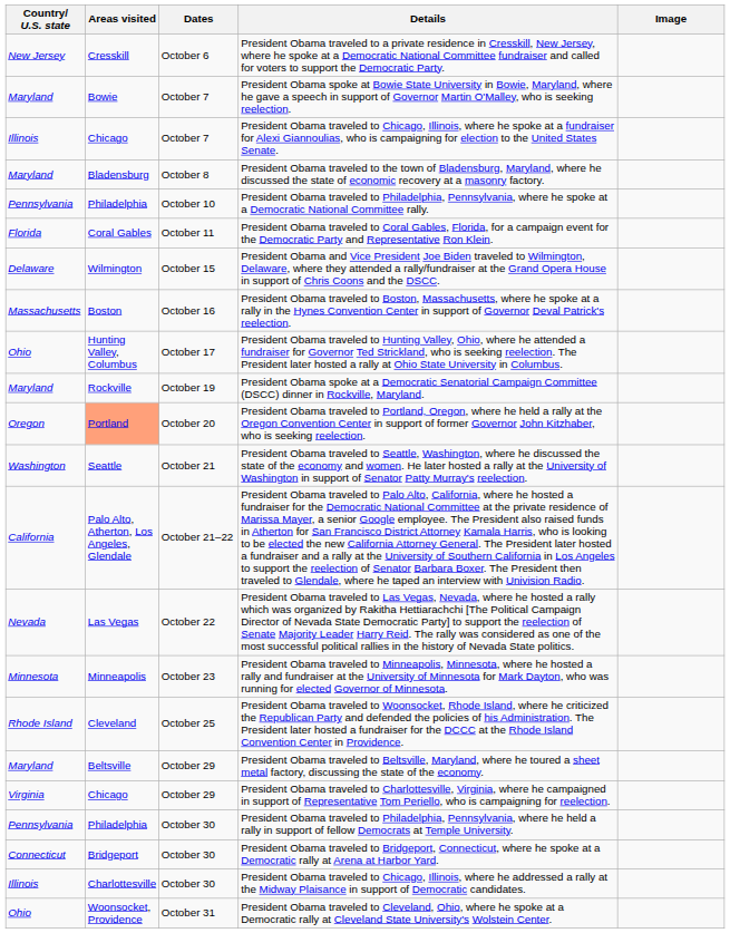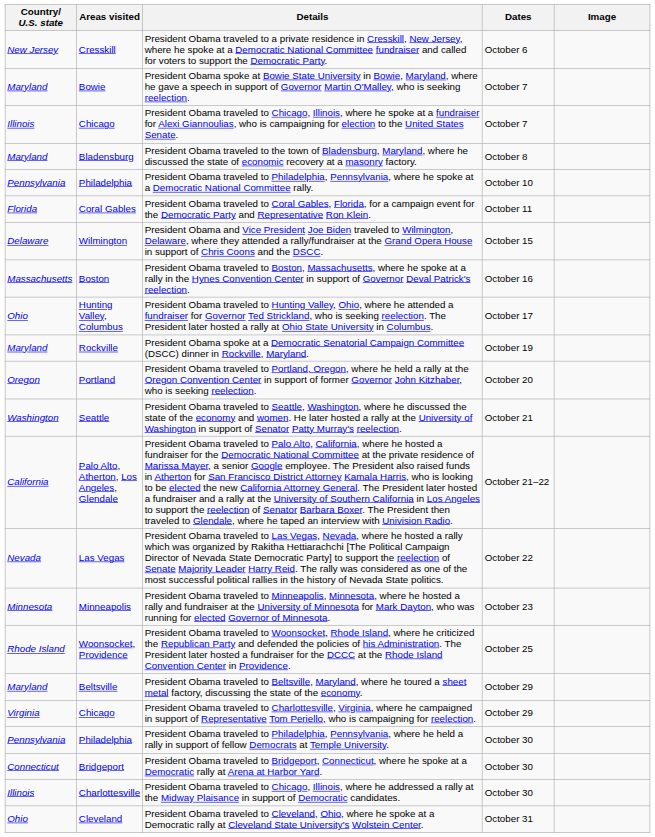 <table class="wikitable" style="margin: 1em auto 1em auto">
 <tr>
 <th width=110>Country/<br><em>U.S. state</em></th>
 <th width=100>Areas visited</th>
+<th width=550>Details</th>
 <th width=110>Dates</th>
-<th width=550>Details</th>
 <th width=150>Image</th>
 </tr>
 <tr>
 <td> <em><a href='#'>New Jersey</a></em></td>
 <td><a href='#'>Cresskill</a></td>
+<td>President Obama traveled to a private residence in <a href='#'>Cresskill</a>, <a href='#'>New Jersey</a>, where he spoke at a <a href='#'>Democratic National Committee</a> <a href='#'>fundraiser</a> and called for voters to support the <a href='#'>Democratic Party</a>.</td>
 <td>October 6</td>
-<td>President Obama traveled to a private residence in <a href='#'>Cresskill</a>, <a href='#'>New Jersey</a>, where he spoke at a <a href='#'>Democratic National Committee</a> <a href='#'>fundraiser</a> and called for voters to support the <a href='#'>Democratic Party</a>.</td>
 <td></td>
 </tr>
 <tr>
 <td> <em><a href='#'>Maryland</a></em></td>
 <td><a href='#'>Bowie</a></td>
+<td>President Obama spoke at <a href='#'>Bowie State University</a> in <a href='#'>Bowie</a>, <a href='#'>Maryland</a>, where he gave a speech in support of <a href='#'>Governor</a> <a href='#'>Martin O'Malley</a>, who is seeking <a href='#'>reelection</a>.</td>
 <td>October 7</td>
-<td>President Obama spoke at <a href='#'>Bowie State University</a> in <a href='#'>Bowie</a>, <a href='#'>Maryland</a>, where he gave a speech in support of <a href='#'>Governor</a> <a href='#'>Martin O'Malley</a>, who is seeking <a href='#'>reelection</a>.</td>
 <td></td>
 </tr>
 <tr>
 <td> <em><a href='#'>Illinois</a></em></td>
 <td><a href='#'>Chicago</a></td>
+<td>President Obama traveled to <a href='#'>Chicago</a>, <a href='#'>Illinois</a>, where he spoke at a <a href='#'>fundraiser</a> for <a href='#'>Alexi Giannoulias</a>, who is campaigning for <a href='#'>election</a> to the <a href='#'>United States Senate</a>.</td>
 <td>October 7</td>
-<td>President Obama traveled to <a href='#'>Chicago</a>, <a href='#'>Illinois</a>, where he spoke at a <a href='#'>fundraiser</a> for <a href='#'>Alexi Giannoulias</a>, who is campaigning for <a href='#'>election</a> to the <a href='#'>United States Senate</a>.</td>
 <td></td>
 </tr>
 <tr>
 <td> <em><a href='#'>Maryland</a></em></td>
 <td><a href='#'>Bladensburg</a></td>
+<td>President Obama traveled to the town of <a href='#'>Bladensburg</a>, <a href='#'>Maryland</a>, where he discussed the state of <a href='#'>economic</a> recovery at a <a href='#'>masonry</a> factory.</td>
 <td>October 8</td>
-<td>President Obama traveled to the town of <a href='#'>Bladensburg</a>, <a href='#'>Maryland</a>, where he discussed the state of <a href='#'>economic</a> recovery at a <a href='#'>masonry</a> factory.</td>
 <td></td>
 </tr>
 <tr>
 <td> <em><a href='#'>Pennsylvania</a></em></td>
 <td><a href='#'>Philadelphia</a></td>
+<td>President Obama traveled to <a href='#'>Philadelphia</a>, <a href='#'>Pennsylvania</a>, where he spoke at a <a href='#'>Democratic National Committee</a> rally.</td>
 <td>October 10</td>
-<td>President Obama traveled to <a href='#'>Philadelphia</a>, <a href='#'>Pennsylvania</a>, where he spoke at a <a href='#'>Democratic National Committee</a> rally.</td>
 <td></td>
 </tr>
 <tr>
 <td> <em><a href='#'>Florida</a></em></td>
 <td><a href='#'>Coral Gables</a></td>
+<td>President Obama traveled to <a href='#'>Coral Gables</a>, <a href='#'>Florida</a>, for a campaign event for the <a href='#'>Democratic Party</a> and <a href='#'>Representative</a> <a href='#'>Ron Klein</a>.</td>
 <td>October 11</td>
-<td>President Obama traveled to <a href='#'>Coral Gables</a>, <a href='#'>Florida</a>, for a campaign event for the <a href='#'>Democratic Party</a> and <a href='#'>Representative</a> <a href='#'>Ron Klein</a>.</td>
 <td></td>
 </tr>
 <tr>
 <td> <em><a href='#'>Delaware</a></em></td>
 <td><a href='#'>Wilmington</a></td>
+<td>President Obama and <a href='#'>Vice President</a> <a href='#'>Joe Biden</a> traveled to <a href='#'>Wilmington</a>, <a href='#'>Delaware</a>, where they attended a rally/fundraiser at the <a href='#'>Grand Opera House</a> in support of <a href='#'>Chris Coons</a> and the <a href='#'>DSCC</a>.</td>
 <td>October 15</td>
-<td>President Obama and <a href='#'>Vice President</a> <a href='#'>Joe Biden</a> traveled to <a href='#'>Wilmington</a>, <a href='#'>Delaware</a>, where they attended a rally/fundraiser at the <a href='#'>Grand Opera House</a> in support of <a href='#'>Chris Coons</a> and the <a href='#'>DSCC</a>.</td>
 <td></td>
 </tr>
 <tr>
 <td> <em><a href='#'>Massachusetts</a></em></td>
 <td><a href='#'>Boston</a></td>
+<td>President Obama traveled to <a href='#'>Boston</a>, <a href='#'>Massachusetts</a>, where he spoke at a rally in the <a href='#'>Hynes Convention Center</a> in support of <a href='#'>Governor</a> <a href='#'>Deval Patrick's</a> <a href='#'>reelection</a>.</td>
 <td>October 16</td>
-<td>President Obama traveled to <a href='#'>Boston</a>, <a href='#'>Massachusetts</a>, where he spoke at a rally in the <a href='#'>Hynes Convention Center</a> in support of <a href='#'>Governor</a> <a href='#'>Deval Patrick's</a> <a href='#'>reelection</a>.</td>
 <td></td>
 </tr>
 <tr>
 <td> <em><a href='#'>Ohio</a></em></td>
 <td><a href='#'>Hunting Valley</a>, <a href='#'>Columbus</a></td>
+<td>President Obama traveled to <a href='#'>Hunting Valley</a>, <a href='#'>Ohio</a>, where he attended a <a href='#'>fundraiser</a> for <a href='#'>Governor</a> <a href='#'>Ted Strickland</a>, who is seeking <a href='#'>reelection</a>. The President later hosted a rally at <a href='#'>Ohio State University</a> in <a href='#'>Columbus</a>.</td>
 <td>October 17</td>
-<td>President Obama traveled to <a href='#'>Hunting Valley</a>, <a href='#'>Ohio</a>, where he attended a <a href='#'>fundraiser</a> for <a href='#'>Governor</a> <a href='#'>Ted Strickland</a>, who is seeking <a href='#'>reelection</a>. The President later hosted a rally at <a href='#'>Ohio State University</a> in <a href='#'>Columbus</a>.</td>
 <td></td>
 </tr>
 <tr>
 <td> <em><a href='#'>Maryland</a></em></td>
 <td><a href='#'>Rockville</a></td>
+<td>President Obama spoke at a <a href='#'>Democratic Senatorial Campaign Committee</a> (DSCC) dinner in <a href='#'>Rockville</a>, <a href='#'>Maryland</a>.</td>
 <td>October 19</td>
-<td>President Obama spoke at a <a href='#'>Democratic Senatorial Campaign Committee</a> (DSCC) dinner in <a href='#'>Rockville</a>, <a href='#'>Maryland</a>.</td>
 <td></td>
 </tr>
 <tr>
 <td> <em><a href='#'>Oregon</a></em></td>
-<td style="background: lightsalmon;"><a href='#'>Portland</a></td>
+<td><a href='#'>Portland</a></td>
+<td>President Obama traveled to <a href='#'>Portland, Oregon</a>, where he held a rally at the <a href='#'>Oregon Convention Center</a> in support of former <a href='#'>Governor</a> <a href='#'>John Kitzhaber</a>, who is seeking <a href='#'>reelection</a>.</td>
 <td>October 20</td>
-<td>President Obama traveled to <a href='#'>Portland, Oregon</a>, where he held a rally at the <a href='#'>Oregon Convention Center</a> in support of former <a href='#'>Governor</a> <a href='#'>John Kitzhaber</a>, who is seeking <a href='#'>reelection</a>.</td>
 <td></td>
 </tr>
 <tr>
 <td> <em><a href='#'>Washington</a></em></td>
 <td><a href='#'>Seattle</a></td>
+<td>President Obama traveled to <a href='#'>Seattle</a>, <a href='#'>Washington</a>, where he discussed the state of the <a href='#'>economy</a> and <a href='#'>women</a>. He later hosted a rally at the <a href='#'>University of Washington</a> in support of <a href='#'>Senator</a> <a href='#'>Patty Murray's</a> <a href='#'>reelection</a>.</td>
 <td>October 21</td>
-<td>President Obama traveled to <a href='#'>Seattle</a>, <a href='#'>Washington</a>, where he discussed the state of the <a href='#'>economy</a> and <a href='#'>women</a>. He later hosted a rally at the <a href='#'>University of Washington</a> in support of <a href='#'>Senator</a> <a href='#'>Patty Murray's</a> <a href='#'>reelection</a>.</td>
 <td></td>
 </tr>
 <tr>
 <td> <em><a href='#'>California</a></em></td>
 <td><a href='#'>Palo Alto</a>, <a href='#'>Atherton</a>, <a href='#'>Los Angeles</a>, <a href='#'>Glendale</a></td>
+<td>President Obama traveled to <a href='#'>Palo Alto</a>, <a href='#'>California</a>, where he hosted a fundraiser for the <a href='#'>Democratic National Committee</a> at the private residence of <a href='#'>Marissa Mayer</a>, a senior <a href='#'>Google</a> employee. The President also raised funds in <a href='#'>Atherton</a> for <a href='#'>San Francisco District Attorney</a> <a href='#'>Kamala Harris</a>, who is looking to be <a href='#'>elected</a> the new <a href='#'>California Attorney General</a>. The President later hosted a fundraiser and a rally at the <a href='#'>University of Southern California</a> in <a href='#'>Los Angeles</a> to support the <a href='#'>reelection</a> of <a href='#'>Senator</a> <a href='#'>Barbara Boxer</a>. The President then traveled to <a href='#'>Glendale</a>, where he taped an interview with <a href='#'>Univision Radio</a>.</td>
 <td>October 21–22</td>
-<td>President Obama traveled to <a href='#'>Palo Alto</a>, <a href='#'>California</a>, where he hosted a fundraiser for the <a href='#'>Democratic National Committee</a> at the private residence of <a href='#'>Marissa Mayer</a>, a senior <a href='#'>Google</a> employee. The President also raised funds in <a href='#'>Atherton</a> for <a href='#'>San Francisco District Attorney</a> <a href='#'>Kamala Harris</a>, who is looking to be <a href='#'>elected</a> the new <a href='#'>California Attorney General</a>. The President later hosted a fundraiser and a rally at the <a href='#'>University of Southern California</a> in <a href='#'>Los Angeles</a> to support the <a href='#'>reelection</a> of <a href='#'>Senator</a> <a href='#'>Barbara Boxer</a>. The President then traveled to <a href='#'>Glendale</a>, where he taped an interview with <a href='#'>Univision Radio</a>.</td>
 <td></td>
 </tr>
 <tr>
 <td> <em><a href='#'>Nevada</a></em></td>
 <td><a href='#'>Las Vegas</a></td>
+<td>President Obama traveled to <a href='#'>Las Vegas</a>, <a href='#'>Nevada</a>, where he hosted a rally which was organized by Rakitha Hettiarachchi [The Political Campaign Director of Nevada State Democratic Party] to support the <a href='#'>reelection</a> of <a href='#'>Senate</a> <a href='#'>Majority Leader</a> <a href='#'>Harry Reid</a>. The rally was considered as one of the most successful political rallies in the history of Nevada State politics.</td>
 <td>October 22</td>
-<td>President Obama traveled to <a href='#'>Las Vegas</a>, <a href='#'>Nevada</a>, where he hosted a rally which was organized by Rakitha Hettiarachchi [The Political Campaign Director of Nevada State Democratic Party] to support the <a href='#'>reelection</a> of <a href='#'>Senate</a> <a href='#'>Majority Leader</a> <a href='#'>Harry Reid</a>. The rally was considered as one of the most successful political rallies in the history of Nevada State politics.</td>
 <td></td>
 </tr>
 <tr>
 <td> <em><a href='#'>Minnesota</a></em></td>
 <td><a href='#'>Minneapolis</a></td>
+<td>President Obama traveled to <a href='#'>Minneapolis</a>, <a href='#'>Minnesota</a>, where he hosted a rally and fundraiser at the <a href='#'>University of Minnesota</a> for <a href='#'>Mark Dayton</a>, who was running for <a href='#'>elected</a> <a href='#'>Governor of Minnesota</a>.</td>
 <td>October 23</td>
-<td>President Obama traveled to <a href='#'>Minneapolis</a>, <a href='#'>Minnesota</a>, where he hosted a rally and fundraiser at the <a href='#'>University of Minnesota</a> for <a href='#'>Mark Dayton</a>, who was running for <a href='#'>elected</a> <a href='#'>Governor of Minnesota</a>.</td>
 <td></td>
 </tr>
 <tr>
 <td> <em><a href='#'>Rhode Island</a></em></td>
-<td><a href='#'>Cleveland</a></td>
+<td><a href='#'>Woonsocket</a>, <a href='#'>Providence</a></td>
+<td>President Obama traveled to <a href='#'>Woonsocket</a>, <a href='#'>Rhode Island</a>, where he criticized the <a href='#'>Republican Party</a> and defended the policies of <a href='#'>his Administration</a>. The President later hosted a fundraiser for the <a href='#'>DCCC</a> at the <a href='#'>Rhode Island Convention Center</a> in <a href='#'>Providence</a>.</td>
 <td>October 25</td>
-<td>President Obama traveled to <a href='#'>Woonsocket</a>, <a href='#'>Rhode Island</a>, where he criticized the <a href='#'>Republican Party</a> and defended the policies of <a href='#'>his Administration</a>. The President later hosted a fundraiser for the <a href='#'>DCCC</a> at the <a href='#'>Rhode Island Convention Center</a> in <a href='#'>Providence</a>.</td>
 <td></td>
 </tr>
 <tr>
 <td> <em><a href='#'>Maryland</a></em></td>
 <td><a href='#'>Beltsville</a></td>
+<td>President Obama traveled to <a href='#'>Beltsville</a>, <a href='#'>Maryland</a>, where he toured a <a href='#'>sheet metal</a> factory, discussing the state of the <a href='#'>economy</a>.</td>
 <td>October 29</td>
-<td>President Obama traveled to <a href='#'>Beltsville</a>, <a href='#'>Maryland</a>, where he toured a <a href='#'>sheet metal</a> factory, discussing the state of the <a href='#'>economy</a>.</td>
 <td></td>
 </tr>
 <tr>
 <td> <em><a href='#'>Virginia</a></em></td>
 <td><a href='#'>Chicago</a></td>
+<td>President Obama traveled to <a href='#'>Charlottesville</a>, <a href='#'>Virginia</a>, where he campaigned in support of <a href='#'>Representative</a> <a href='#'>Tom Periello</a>, who is campaigning for <a href='#'>reelection</a>.</td>
 <td>October 29</td>
-<td>President Obama traveled to <a href='#'>Charlottesville</a>, <a href='#'>Virginia</a>, where he campaigned in support of <a href='#'>Representative</a> <a href='#'>Tom Periello</a>, who is campaigning for <a href='#'>reelection</a>.</td>
 <td></td>
 </tr>
 <tr>
 <td> <em><a href='#'>Pennsylvania</a></em></td>
 <td><a href='#'>Philadelphia</a></td>
+<td>President Obama traveled to <a href='#'>Philadelphia</a>, <a href='#'>Pennsylvania</a>, where he held a rally in support of fellow <a href='#'>Democrats</a> at <a href='#'>Temple University</a>.</td>
 <td>October 30</td>
-<td>President Obama traveled to <a href='#'>Philadelphia</a>, <a href='#'>Pennsylvania</a>, where he held a rally in support of fellow <a href='#'>Democrats</a> at <a href='#'>Temple University</a>.</td>
 <td></td>
 </tr>
 <tr>
 <td> <em><a href='#'>Connecticut</a></em></td>
 <td><a href='#'>Bridgeport</a></td>
+<td>President Obama traveled to <a href='#'>Bridgeport</a>, <a href='#'>Connecticut</a>, where he spoke at a <a href='#'>Democratic</a> rally at <a href='#'>Arena at Harbor Yard</a>.</td>
 <td>October 30</td>
-<td>President Obama traveled to <a href='#'>Bridgeport</a>, <a href='#'>Connecticut</a>, where he spoke at a <a href='#'>Democratic</a> rally at <a href='#'>Arena at Harbor Yard</a>.</td>
 <td></td>
 </tr>
 <tr>
 <td> <em><a href='#'>Illinois</a></em></td>
 <td><a href='#'>Charlottesville</a></td>
+<td>President Obama traveled to <a href='#'>Chicago</a>, <a href='#'>Illinois</a>, where he addressed a rally at the <a href='#'>Midway Plaisance</a> in support of <a href='#'>Democratic</a> candidates.</td>
 <td>October 30</td>
-<td>President Obama traveled to <a href='#'>Chicago</a>, <a href='#'>Illinois</a>, where he addressed a rally at the <a href='#'>Midway Plaisance</a> in support of <a href='#'>Democratic</a> candidates.</td>
 <td></td>
 </tr>
 <tr>
 <td> <em><a href='#'>Ohio</a></em></td>
-<td><a href='#'>Woonsocket</a>, <a href='#'>Providence</a></td>
+<td><a href='#'>Cleveland</a></td>
+<td>President Obama traveled to <a href='#'>Cleveland</a>, <a href='#'>Ohio</a>, where he spoke at a Democratic rally at <a href='#'>Cleveland State University's</a> <a href='#'>Wolstein Center</a>.</td>
 <td>October 31</td>
-<td>President Obama traveled to <a href='#'>Cleveland</a>, <a href='#'>Ohio</a>, where he spoke at a Democratic rally at <a href='#'>Cleveland State University's</a> <a href='#'>Wolstein Center</a>.</td>
 <td></td>
 </tr>
 </table>
